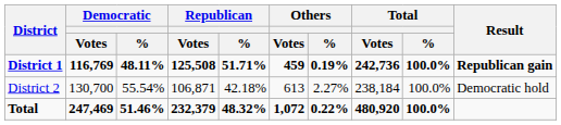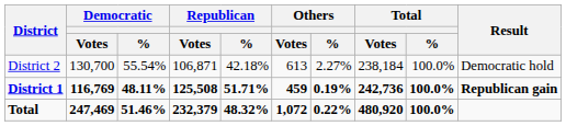 <table class="wikitable plainrowheaders sortable" style="font-size:100%; text-align:right;">
 <tr>
 <th scope=col rowspan=3><a href='#'>District</a></th>
 <th scope=col colspan=2><a href='#'>Democratic</a></th>
 <th scope=col colspan=2><a href='#'>Republican</a></th>
 <th scope=col colspan=2>Others</th>
 <th scope=col colspan=2>Total</th>
 <th scope=col rowspan=3>Result</th>
 </tr>
 <tr>
 <th scope=col colspan=2 style="background:"></th>
 <th scope=col colspan=2 style="background:"></th>
 <th scope=col colspan=2></th>
 <th scope=col colspan=2></th>
 </tr>
 <tr>
 <th scope=col data-sort-type="number">Votes</th>
 <th scope=col data-sort-type="number">%</th>
 <th scope=col data-sort-type="number">Votes</th>
 <th scope=col data-sort-type="number">%</th>
 <th scope=col data-sort-type="number">Votes</th>
 <th scope=col data-sort-type="number">%</th>
 <th scope=col data-sort-type="number">Votes</th>
 <th scope=col data-sort-type="number">%</th>
 </tr>
 <tr>
+<td align=left><a href='#'>District 2</a></td>
+<td>130,700</td>
+<td>55.54%</td>
+<td>106,871</td>
+<td>42.18%</td>
+<td>613</td>
+<td>2.27%</td>
+<td>238,184</td>
+<td>100.0%</td>
+<td align=left>Democratic hold</td>
+</tr>
+<tr>
 <td align=left><strong><a href='#'>District 1</a></strong></td>
 <td><strong>116,769</strong></td>
 <td><strong>48.11%</strong></td>
 <td><strong>125,508</strong></td>
 <td><strong>51.71%</strong></td>
 <td><strong>459</strong></td>
 <td><strong>0.19%</strong></td>
 <td><strong>242,736</strong></td>
 <td><strong>100.0%</strong></td>
 <td align=left><strong>Republican gain</strong></td>
-</tr>
-<tr>
-<td align=left><a href='#'>District 2</a></td>
-<td>130,700</td>
-<td>55.54%</td>
-<td>106,871</td>
-<td>42.18%</td>
-<td>613</td>
-<td>2.27%</td>
-<td>238,184</td>
-<td>100.0%</td>
-<td align=left>Democratic hold</td>
 </tr>
 <tr class="sortbottom" style="font-weight:bold">
 <td align=left>Total</td>
 <td>247,469</td>
 <td>51.46%</td>
 <td>232,379</td>
 <td>48.32%</td>
 <td>1,072</td>
 <td>0.22%</td>
 <td>480,920</td>
 <td>100.0%</td>
 <td></td>
 </tr>
 </table>
